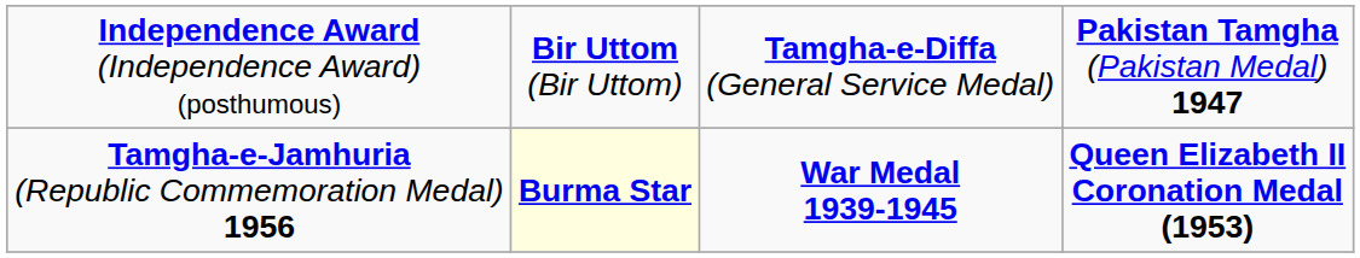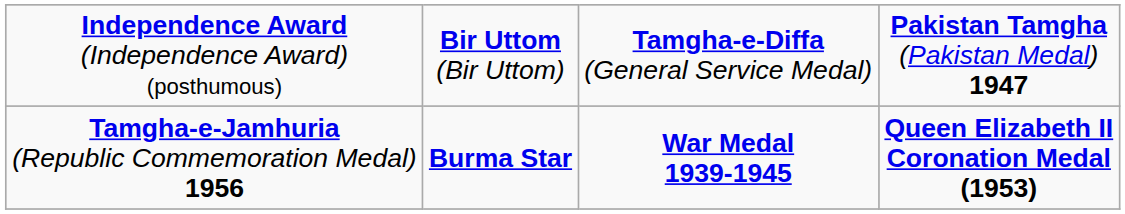 <table class="wikitable" style="margin:1em auto; text-align:center;">
 <tr>
 <td><strong><a href='#'>Independence Award</a></strong><br><em>(Independence Award)</em><br><small>(posthumous)</small></td>
 <td><strong><a href='#'>Bir Uttom</a></strong><br><em>(Bir Uttom)</em></td>
 <td><strong><a href='#'>Tamgha-e-Diffa</a></strong><br><em>(General Service Medal)</em></td>
 <td><strong><a href='#'>Pakistan Tamgha</a></strong><br><em>(<a href='#'>Pakistan Medal</a>)</em><br><strong>1947</strong></td>
 </tr>
 <tr>
 <td><strong><a href='#'>Tamgha-e-Jamhuria</a></strong><br><em>(Republic Commemoration Medal)</em><br><strong>1956</strong></td>
-<td style="background: lightyellow;"><strong><a href='#'>Burma Star</a></strong></td>
+<td><strong><a href='#'>Burma Star</a></strong></td>
 <td><strong><a href='#'>War Medal</a></strong><br><strong><a href='#'>1939-1945</a></strong></td>
 <td><strong><a href='#'>Queen Elizabeth II</a></strong><br><strong><a href='#'>Coronation Medal</a></strong><br><strong>(1953)</strong></td>
 </tr>
 </table>
